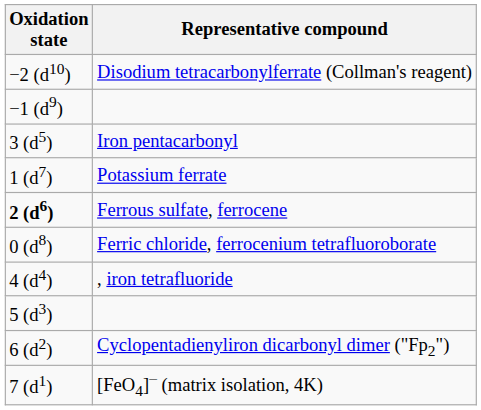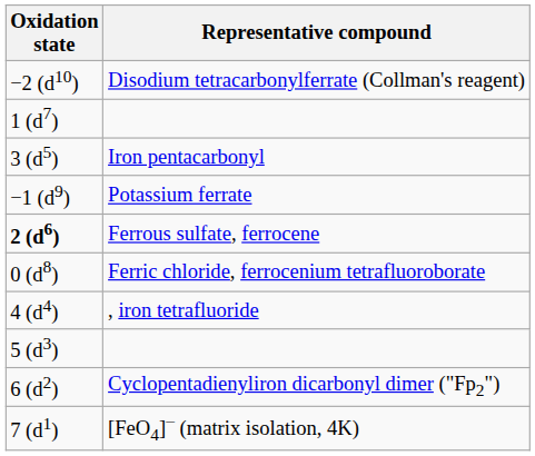 <table class="wikitable" style="float:right; clear:right; margin-left:1em; margin-top:0;">
 <tr>
 <th>Oxidation <br>state</th>
 <th>Representative compound</th>
 </tr>
 <tr>
 <td>−2 (d<sup>10</sup>)</td>
 <td><a href='#'>Disodium tetracarbonylferrate</a> (Collman's reagent)</td>
 </tr>
 <tr>
-<td>−1 (d<sup>9</sup>)</td>
+<td>1 (d<sup>7</sup>)</td>
 <td></td>
 </tr>
 <tr>
 <td>3 (d<sup>5</sup>)</td>
 <td><a href='#'>Iron pentacarbonyl</a></td>
 </tr>
 <tr>
-<td>1 (d<sup>7</sup>)</td>
+<td>−1 (d<sup>9</sup>)</td>
 <td><a href='#'>Potassium ferrate</a></td>
 </tr>
 <tr>
 <td><strong>2 (d<sup>6</sup>)</strong></td>
 <td><a href='#'>Ferrous sulfate</a>, <a href='#'>ferrocene</a></td>
 </tr>
 <tr>
 <td>0 (d<sup>8</sup>)</td>
 <td><a href='#'>Ferric chloride</a>, <a href='#'>ferrocenium tetrafluoroborate</a></td>
 </tr>
 <tr>
 <td>4 (d<sup>4</sup>)</td>
 <td>, <a href='#'>iron tetrafluoride</a></td>
 </tr>
 <tr>
 <td>5 (d<sup>3</sup>)</td>
 <td></td>
 </tr>
 <tr>
 <td>6 (d<sup>2</sup>)</td>
 <td><a href='#'>Cyclopentadienyliron dicarbonyl dimer</a> ("Fp<sub>2</sub>")</td>
 </tr>
 <tr>
 <td>7 (d<sup>1</sup>)</td>
 <td>[FeO<sub>4</sub>]<sup>–</sup> (matrix isolation, 4K)</td>
 </tr>
 </table>
